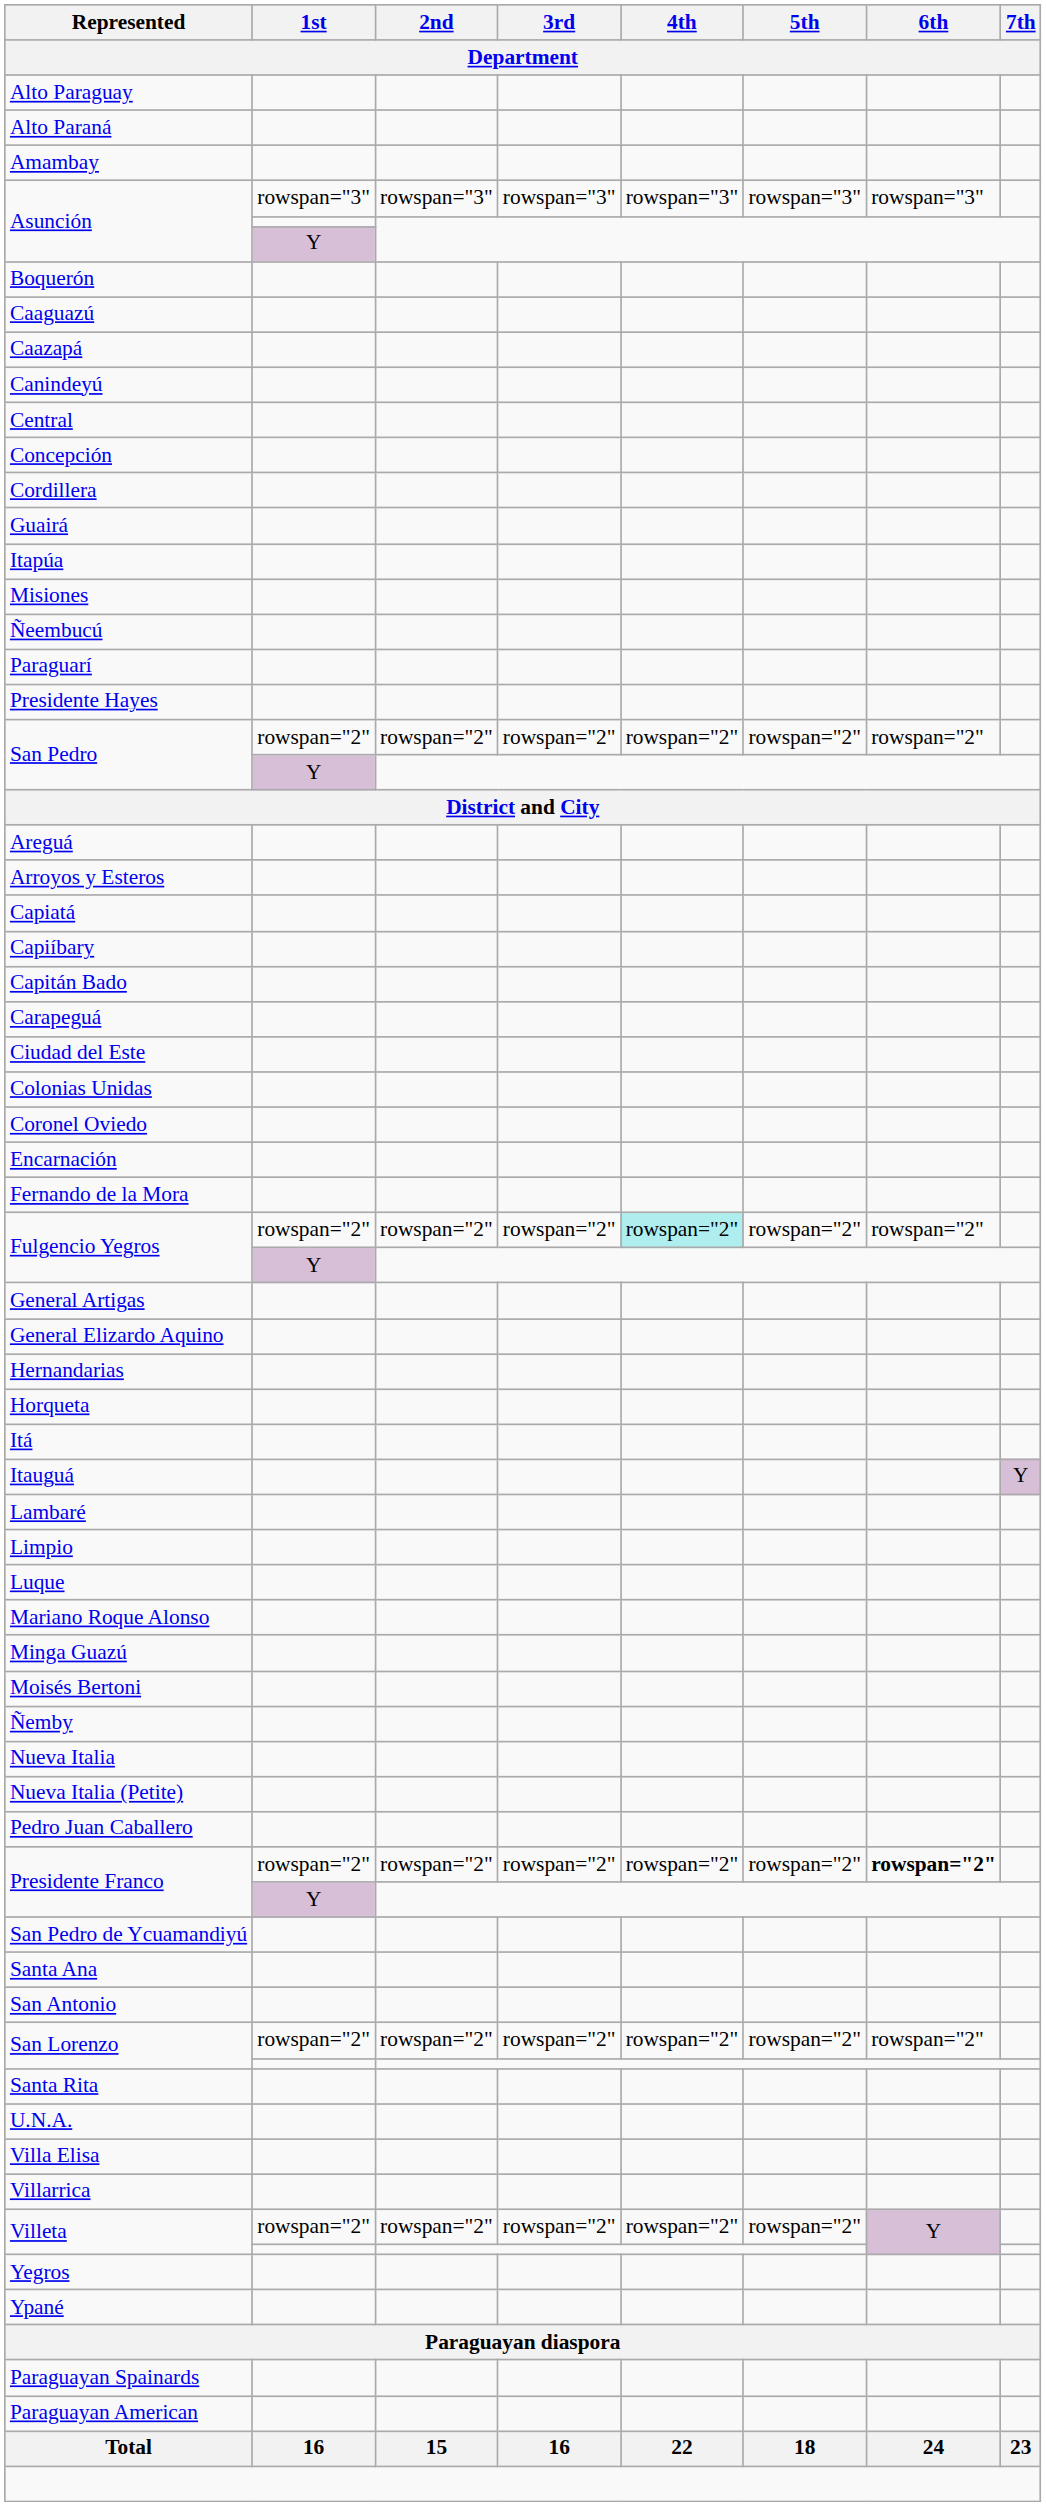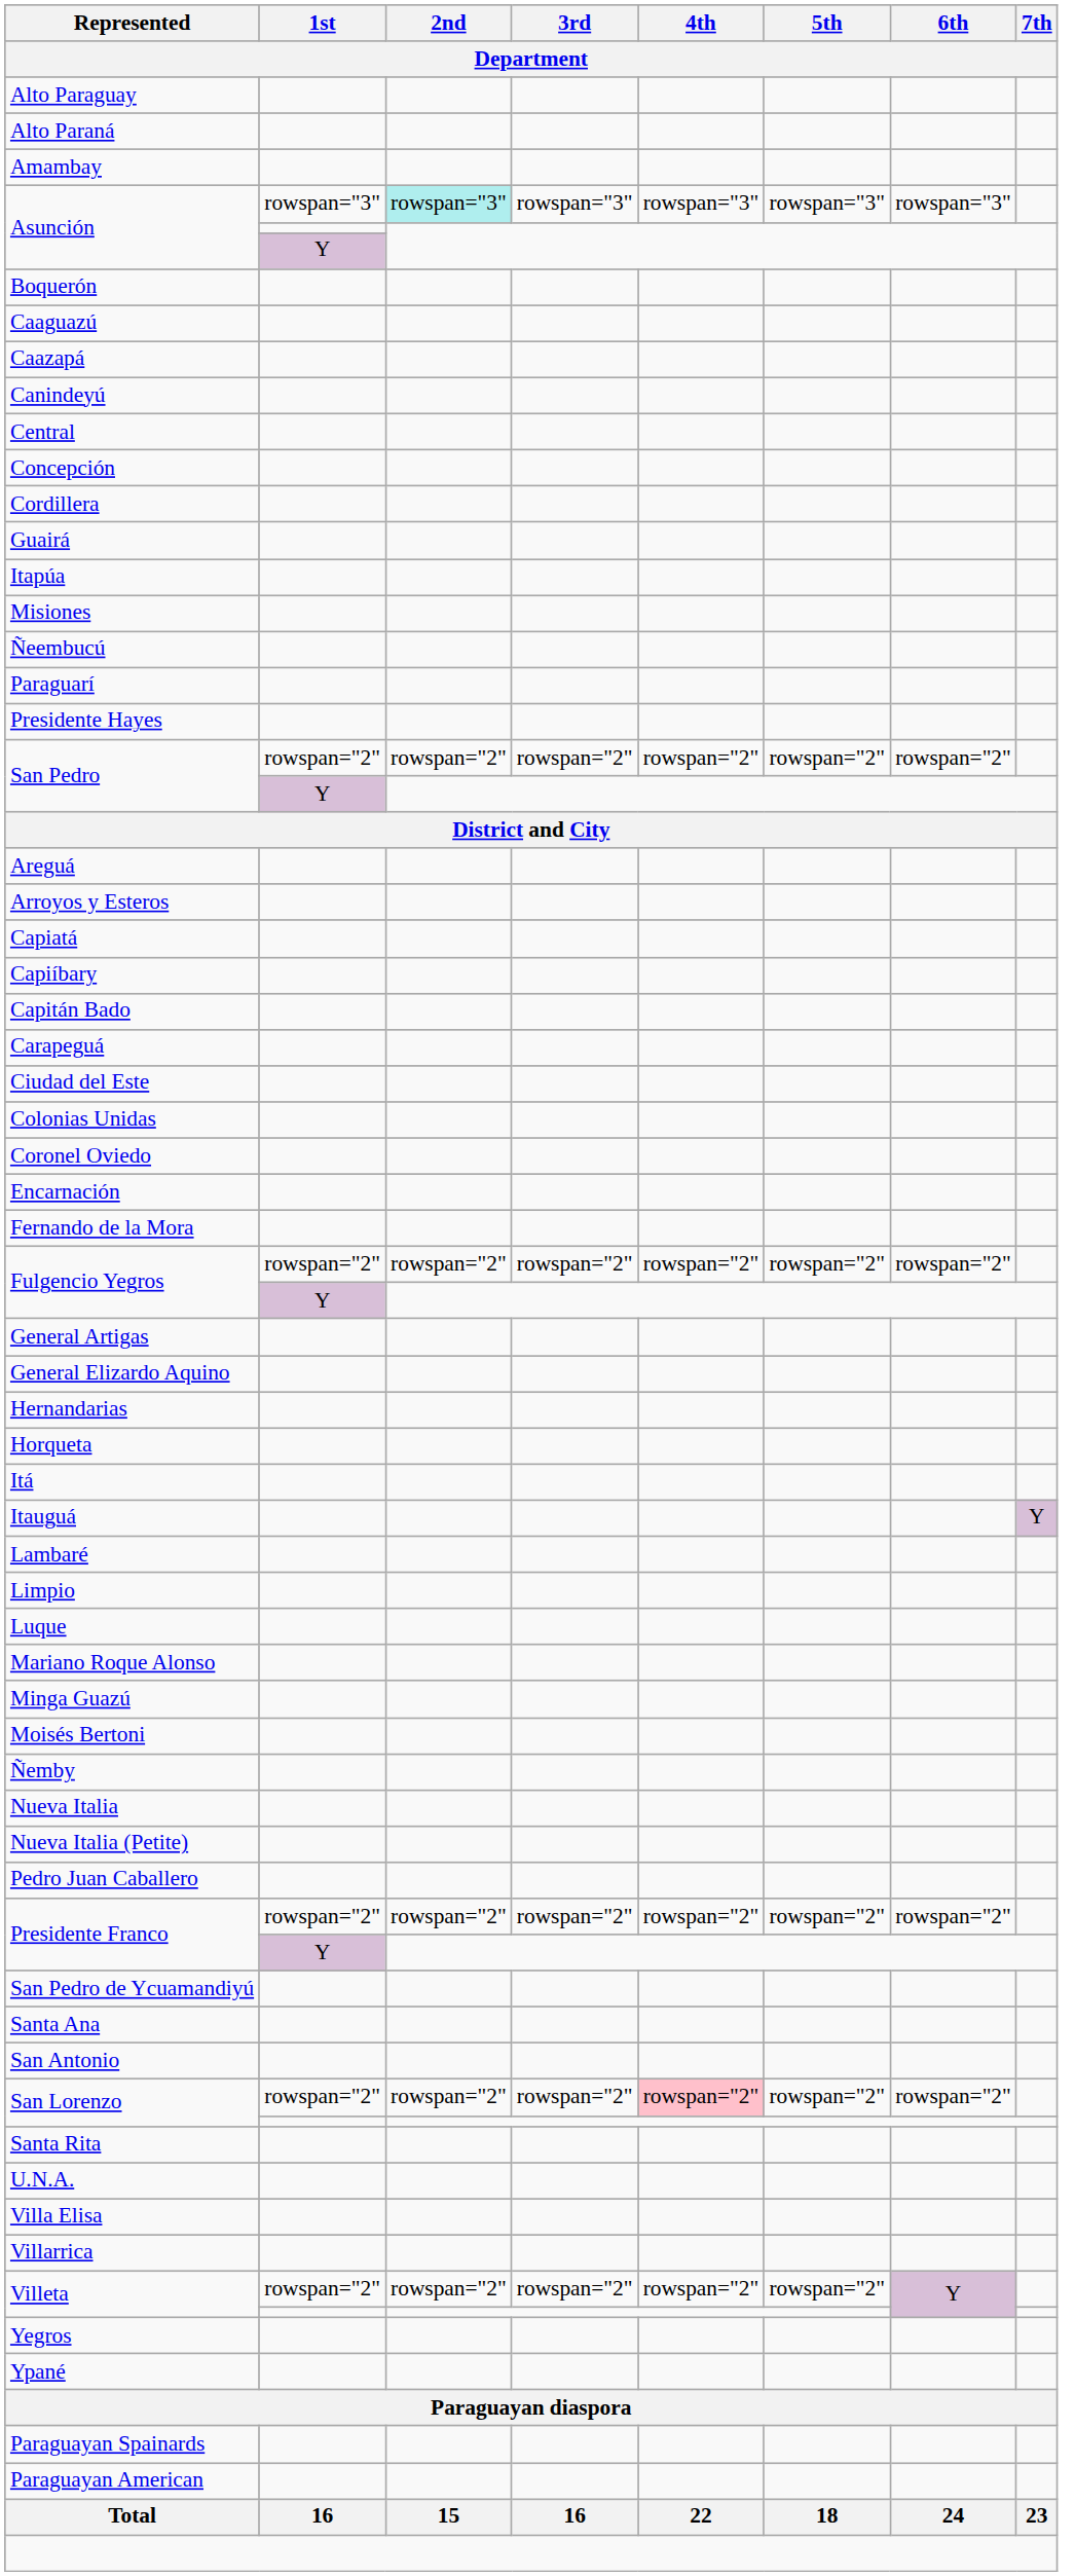 <table class="wikitable sortable" style="font-size: 80%;">
 <tr>
 <th>Represented</th>
 <th><a href='#'>1st</a></th>
 <th><a href='#'>2nd</a></th>
 <th><a href='#'>3rd</a></th>
 <th><a href='#'>4th</a></th>
 <th><a href='#'>5th</a></th>
 <th><a href='#'>6th</a></th>
 <th><a href='#'>7th</a></th>
 </tr>
 <tr>
 <th colspan=8><a href='#'>Department</a></th>
 </tr>
 <tr>
 <td><a href='#'>Alto Paraguay</a></td>
 <td></td>
 <td></td>
 <td></td>
 <td></td>
 <td></td>
 <td></td>
 <td></td>
 </tr>
 <tr>
 <td><a href='#'>Alto Paraná</a></td>
 <td></td>
 <td></td>
 <td></td>
 <td></td>
 <td></td>
 <td></td>
 <td></td>
 </tr>
 <tr>
 <td><a href='#'>Amambay</a></td>
 <td></td>
 <td></td>
 <td></td>
 <td></td>
 <td></td>
 <td></td>
 <td></td>
 </tr>
 <tr>
 <td rowspan="3"><a href='#'>Asunción</a></td>
 <td>rowspan="3" </td>
-<td>rowspan="3" </td>
+<td style="background: paleturquoise;">rowspan="3" </td>
 <td>rowspan="3" </td>
 <td>rowspan="3" </td>
 <td>rowspan="3" </td>
 <td>rowspan="3" </td>
 <td></td>
 </tr>
 <tr>
 <td></td>
 </tr>
 <tr>
 <td bgcolor=#D8BFD8 align=center>Y</td>
 </tr>
 <tr>
 <td><a href='#'>Boquerón</a></td>
 <td></td>
 <td></td>
 <td></td>
 <td></td>
 <td></td>
 <td></td>
 <td></td>
 </tr>
 <tr>
 <td><a href='#'>Caaguazú</a></td>
 <td></td>
 <td></td>
 <td></td>
 <td></td>
 <td></td>
 <td></td>
 <td></td>
 </tr>
 <tr>
 <td><a href='#'>Caazapá</a></td>
 <td></td>
 <td></td>
 <td></td>
 <td></td>
 <td></td>
 <td></td>
 <td></td>
 </tr>
 <tr>
 <td><a href='#'>Canindeyú</a></td>
 <td></td>
 <td></td>
 <td></td>
 <td></td>
 <td></td>
 <td></td>
 <td></td>
 </tr>
 <tr>
 <td><a href='#'>Central</a></td>
 <td></td>
 <td></td>
 <td></td>
 <td></td>
 <td></td>
 <td></td>
 <td></td>
 </tr>
 <tr>
 <td><a href='#'>Concepción</a></td>
 <td></td>
 <td></td>
 <td></td>
 <td></td>
 <td></td>
 <td></td>
 <td></td>
 </tr>
 <tr>
 <td><a href='#'>Cordillera</a></td>
 <td></td>
 <td></td>
 <td></td>
 <td></td>
 <td></td>
 <td></td>
 <td></td>
 </tr>
 <tr>
 <td><a href='#'>Guairá</a></td>
 <td></td>
 <td></td>
 <td></td>
 <td></td>
 <td></td>
 <td></td>
 <td></td>
 </tr>
 <tr>
 <td><a href='#'>Itapúa</a></td>
 <td></td>
 <td></td>
 <td></td>
 <td></td>
 <td></td>
 <td></td>
 <td></td>
 </tr>
 <tr>
 <td><a href='#'>Misiones</a></td>
 <td></td>
 <td></td>
 <td></td>
 <td></td>
 <td></td>
 <td></td>
 <td></td>
 </tr>
 <tr>
 <td><a href='#'>Ñeembucú</a></td>
 <td></td>
 <td></td>
 <td></td>
 <td></td>
 <td></td>
 <td></td>
 <td></td>
 </tr>
 <tr>
 <td><a href='#'>Paraguarí</a></td>
 <td></td>
 <td></td>
 <td></td>
 <td></td>
 <td></td>
 <td></td>
 <td></td>
 </tr>
 <tr>
 <td><a href='#'>Presidente Hayes</a></td>
 <td></td>
 <td></td>
 <td></td>
 <td></td>
 <td></td>
 <td></td>
 <td></td>
 </tr>
 <tr>
 <td rowspan="2"><a href='#'>San Pedro</a></td>
 <td>rowspan="2" </td>
 <td>rowspan="2" </td>
 <td>rowspan="2" </td>
 <td>rowspan="2" </td>
 <td>rowspan="2" </td>
 <td>rowspan="2" </td>
 <td></td>
 </tr>
 <tr>
 <td bgcolor=#D8BFD8 align=center>Y</td>
 </tr>
 <tr>
 <th colspan=8><a href='#'> District</a> and <a href='#'>City</a></th>
 </tr>
 <tr>
 <td><a href='#'>Areguá</a></td>
 <td></td>
 <td></td>
 <td></td>
 <td></td>
 <td></td>
 <td></td>
 <td></td>
 </tr>
 <tr>
 <td><a href='#'>Arroyos y Esteros</a></td>
 <td></td>
 <td></td>
 <td></td>
 <td></td>
 <td></td>
 <td></td>
 <td></td>
 </tr>
 <tr>
 <td><a href='#'>Capiatá</a></td>
 <td></td>
 <td></td>
 <td></td>
 <td></td>
 <td></td>
 <td></td>
 <td></td>
 </tr>
 <tr>
 <td><a href='#'>Capiíbary</a></td>
 <td></td>
 <td></td>
 <td></td>
 <td></td>
 <td></td>
 <td></td>
 <td></td>
 </tr>
 <tr>
 <td><a href='#'>Capitán Bado</a></td>
 <td></td>
 <td></td>
 <td></td>
 <td></td>
 <td></td>
 <td></td>
 <td></td>
 </tr>
 <tr>
 <td><a href='#'>Carapeguá</a></td>
 <td></td>
 <td></td>
 <td></td>
 <td></td>
 <td></td>
 <td></td>
 <td></td>
 </tr>
 <tr>
 <td><a href='#'>Ciudad del Este</a></td>
 <td></td>
 <td></td>
 <td></td>
 <td></td>
 <td></td>
 <td></td>
 <td></td>
 </tr>
 <tr>
 <td><a href='#'>Colonias Unidas</a></td>
 <td></td>
 <td></td>
 <td></td>
 <td></td>
 <td></td>
 <td></td>
 <td></td>
 </tr>
 <tr>
 <td><a href='#'>Coronel Oviedo</a></td>
 <td></td>
 <td></td>
 <td></td>
 <td></td>
 <td></td>
 <td></td>
 <td></td>
 </tr>
 <tr>
 <td><a href='#'>Encarnación</a></td>
 <td></td>
 <td></td>
 <td></td>
 <td></td>
 <td></td>
 <td></td>
 <td></td>
 </tr>
 <tr>
 <td><a href='#'>Fernando de la Mora</a></td>
 <td></td>
 <td></td>
 <td></td>
 <td></td>
 <td></td>
 <td></td>
 <td></td>
 </tr>
 <tr>
 <td rowspan="2"><a href='#'>Fulgencio Yegros</a></td>
 <td>rowspan="2" </td>
 <td>rowspan="2" </td>
 <td>rowspan="2" </td>
-<td style="background: paleturquoise;">rowspan="2" </td>
+<td>rowspan="2" </td>
 <td>rowspan="2" </td>
 <td>rowspan="2" </td>
 <td></td>
 </tr>
 <tr>
 <td bgcolor=#D8BFD8 align=center>Y</td>
 </tr>
 <tr>
 <td><a href='#'>General Artigas</a></td>
 <td></td>
 <td></td>
 <td></td>
 <td></td>
 <td></td>
 <td></td>
 <td></td>
 </tr>
 <tr>
 <td><a href='#'>General Elizardo Aquino</a></td>
 <td></td>
 <td></td>
 <td></td>
 <td></td>
 <td></td>
 <td></td>
 <td></td>
 </tr>
 <tr>
 <td><a href='#'>Hernandarias</a></td>
 <td></td>
 <td></td>
 <td></td>
 <td></td>
 <td></td>
 <td></td>
 <td></td>
 </tr>
 <tr>
 <td><a href='#'>Horqueta</a></td>
 <td></td>
 <td></td>
 <td></td>
 <td></td>
 <td></td>
 <td></td>
 <td></td>
 </tr>
 <tr>
 <td><a href='#'>Itá</a></td>
 <td></td>
 <td></td>
 <td></td>
 <td></td>
 <td></td>
 <td></td>
 <td></td>
 </tr>
 <tr>
 <td><a href='#'>Itauguá</a></td>
 <td></td>
 <td></td>
 <td></td>
 <td></td>
 <td></td>
 <td></td>
 <td bgcolor=#D8BFD8 align=center>Y</td>
 </tr>
 <tr>
 <td><a href='#'>Lambaré</a></td>
 <td></td>
 <td></td>
 <td></td>
 <td></td>
 <td></td>
 <td></td>
 <td></td>
 </tr>
 <tr>
 <td><a href='#'>Limpio</a></td>
 <td></td>
 <td></td>
 <td></td>
 <td></td>
 <td></td>
 <td></td>
 <td></td>
 </tr>
 <tr>
 <td><a href='#'>Luque</a></td>
 <td></td>
 <td></td>
 <td></td>
 <td></td>
 <td></td>
 <td></td>
 <td></td>
 </tr>
 <tr>
 <td><a href='#'>Mariano Roque Alonso</a></td>
 <td></td>
 <td></td>
 <td></td>
 <td></td>
 <td></td>
 <td></td>
 <td></td>
 </tr>
 <tr>
 <td><a href='#'>Minga Guazú</a></td>
 <td></td>
 <td></td>
 <td></td>
 <td></td>
 <td></td>
 <td></td>
 <td></td>
 </tr>
 <tr>
 <td><a href='#'>Moisés Bertoni</a></td>
 <td></td>
 <td></td>
 <td></td>
 <td></td>
 <td></td>
 <td></td>
 <td></td>
 </tr>
 <tr>
 <td><a href='#'>Ñemby</a></td>
 <td></td>
 <td></td>
 <td></td>
 <td></td>
 <td></td>
 <td></td>
 <td></td>
 </tr>
 <tr>
 <td><a href='#'>Nueva Italia</a></td>
 <td></td>
 <td></td>
 <td></td>
 <td></td>
 <td></td>
 <td></td>
 <td></td>
 </tr>
 <tr>
 <td><a href='#'>Nueva Italia (Petite)</a></td>
 <td></td>
 <td></td>
 <td></td>
 <td></td>
 <td></td>
 <td></td>
 <td></td>
 </tr>
 <tr>
 <td><a href='#'>Pedro Juan Caballero</a></td>
 <td></td>
 <td></td>
 <td></td>
 <td></td>
 <td></td>
 <td></td>
 <td></td>
 </tr>
 <tr>
 <td rowspan="2"><a href='#'>Presidente Franco</a></td>
 <td>rowspan="2" </td>
 <td>rowspan="2" </td>
 <td>rowspan="2" </td>
 <td>rowspan="2" </td>
 <td>rowspan="2" </td>
-<td><strong>rowspan="2" </strong></td>
+<td>rowspan="2" </td>
 <td></td>
 </tr>
 <tr>
 <td bgcolor=#D8BFD8 align=center>Y</td>
 </tr>
 <tr>
 <td><a href='#'>San Pedro de Ycuamandiyú</a></td>
 <td></td>
 <td></td>
 <td></td>
 <td></td>
 <td></td>
 <td></td>
 <td></td>
 </tr>
 <tr>
 <td><a href='#'>Santa Ana</a></td>
 <td></td>
 <td></td>
 <td></td>
 <td></td>
 <td></td>
 <td></td>
 <td></td>
 </tr>
 <tr>
 <td><a href='#'>San Antonio</a></td>
 <td></td>
 <td></td>
 <td></td>
 <td></td>
 <td></td>
 <td></td>
 <td></td>
 </tr>
 <tr>
 <td rowspan="2"><a href='#'>San Lorenzo</a></td>
 <td>rowspan="2" </td>
 <td>rowspan="2" </td>
 <td>rowspan="2" </td>
-<td>rowspan="2" </td>
+<td style="background: pink;">rowspan="2" </td>
 <td>rowspan="2" </td>
 <td>rowspan="2" </td>
 <td></td>
 </tr>
 <tr>
 <td></td>
 </tr>
 <tr>
 <td {{flagicon image><a href='#'>Santa Rita</a></td>
 <td></td>
 <td></td>
 <td></td>
 <td></td>
 <td></td>
 <td></td>
 <td></td>
 </tr>
 <tr>
 <td><a href='#'>U.N.A.</a></td>
 <td></td>
 <td></td>
 <td></td>
 <td></td>
 <td></td>
 <td></td>
 <td></td>
 </tr>
 <tr>
 <td><a href='#'>Villa Elisa</a></td>
 <td></td>
 <td></td>
 <td></td>
 <td></td>
 <td></td>
 <td></td>
 <td></td>
 </tr>
 <tr>
 <td><a href='#'>Villarrica</a></td>
 <td></td>
 <td></td>
 <td></td>
 <td></td>
 <td></td>
 <td></td>
 <td></td>
 </tr>
 <tr>
 <td rowspan="2"><a href='#'>Villeta</a></td>
 <td>rowspan="2" </td>
 <td>rowspan="2" </td>
 <td>rowspan="2" </td>
 <td>rowspan="2" </td>
 <td>rowspan="2" </td>
 <td rowspan="2" bgcolor=#D8BFD8 align=center>Y</td>
 <td></td>
 </tr>
 <tr>
 <td></td>
 </tr>
 <tr>
 <td {{flagicon image><a href='#'>Yegros</a></td>
 <td></td>
 <td></td>
 <td></td>
 <td></td>
 <td></td>
 <td></td>
 <td></td>
 </tr>
 <tr>
 <td><a href='#'>Ypané</a></td>
 <td></td>
 <td></td>
 <td></td>
 <td></td>
 <td></td>
 <td></td>
 <td></td>
 </tr>
 <tr>
 <th colspan=8>Paraguayan diaspora</th>
 </tr>
 <tr>
 <td><a href='#'>Paraguayan Spainards</a></td>
 <td></td>
 <td></td>
 <td></td>
 <td></td>
 <td></td>
 <td></td>
 <td></td>
 </tr>
 <tr>
 <td><a href='#'>Paraguayan American</a></td>
 <td></td>
 <td></td>
 <td></td>
 <td></td>
 <td></td>
 <td></td>
 <td></td>
 </tr>
 <tr>
 <th>Total</th>
 <th>16</th>
 <th>15</th>
 <th>16</th>
 <th>22</th>
 <th>18</th>
 <th>24</th>
 <th>23</th>
 </tr>
 <tr>
 <td colspan="9" align=left><br></td>
 </tr>
 </table>
